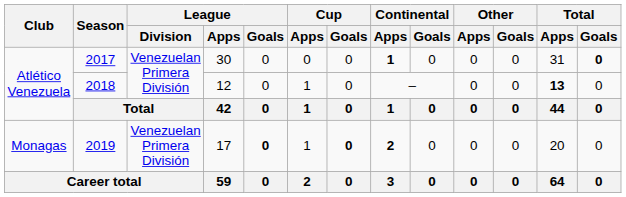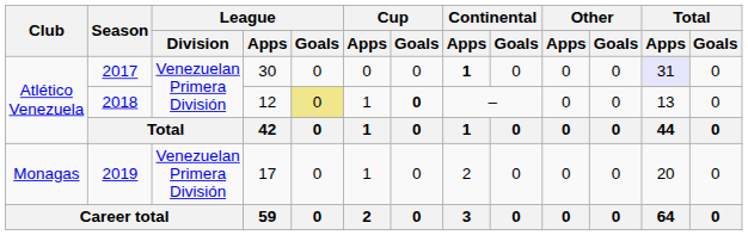 <table class="wikitable" style="text-align: center">
 <tr>
 <th rowspan="2">Club</th>
 <th rowspan="2">Season</th>
 <th colspan="3">League</th>
 <th colspan="2">Cup</th>
 <th colspan="2">Continental</th>
 <th colspan="2">Other</th>
 <th colspan="2">Total</th>
 </tr>
 <tr>
 <th>Division</th>
 <th>Apps</th>
 <th>Goals</th>
 <th>Apps</th>
 <th>Goals</th>
 <th>Apps</th>
 <th>Goals</th>
 <th>Apps</th>
 <th>Goals</th>
 <th>Apps</th>
 <th>Goals</th>
 </tr>
 <tr>
 <td rowspan="3"><a href='#'>Atlético Venezuela</a></td>
 <td><a href='#'>2017</a></td>
 <td rowspan="2"><a href='#'>Venezuelan Primera División</a></td>
 <td>30</td>
 <td>0</td>
 <td>0</td>
 <td>0</td>
 <td><strong>1</strong></td>
 <td>0</td>
 <td>0</td>
 <td>0</td>
-<td>31</td>
-<td><strong>0</strong></td>
+<td style="background: lavender;">31</td>
+<td>0</td>
 </tr>
 <tr>
 <td><a href='#'>2018</a></td>
 <td>12</td>
-<td>0</td>
+<td style="background: khaki;">0</td>
 <td>1</td>
-<td>0</td>
+<td><strong>0</strong></td>
 <td colspan="2">–</td>
 <td>0</td>
 <td>0</td>
-<td><strong>13</strong></td>
+<td>13</td>
 <td>0</td>
 </tr>
 <tr>
 <th colspan="2"><strong>Total</strong></th>
 <th>42</th>
 <th>0</th>
 <th>1</th>
 <th>0</th>
 <th>1</th>
 <th>0</th>
 <th>0</th>
 <th>0</th>
 <th>44</th>
 <th>0</th>
 </tr>
 <tr>
 <td><a href='#'>Monagas</a></td>
 <td><a href='#'>2019</a></td>
 <td><a href='#'>Venezuelan Primera División</a></td>
 <td>17</td>
-<td><strong>0</strong></td>
+<td>0</td>
 <td>1</td>
-<td><strong>0</strong></td>
-<td><strong>2</strong></td>
+<td>0</td>
+<td>2</td>
 <td>0</td>
 <td>0</td>
 <td>0</td>
 <td>20</td>
 <td>0</td>
 </tr>
 <tr>
 <th colspan="3"><strong>Career total</strong></th>
 <th>59</th>
 <th>0</th>
 <th>2</th>
 <th>0</th>
 <th>3</th>
 <th>0</th>
 <th>0</th>
 <th>0</th>
 <th>64</th>
 <th>0</th>
 </tr>
 </table>
